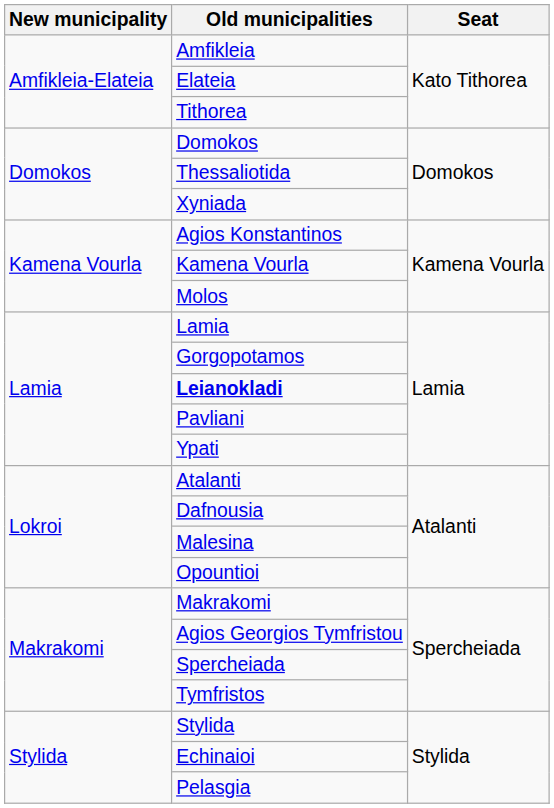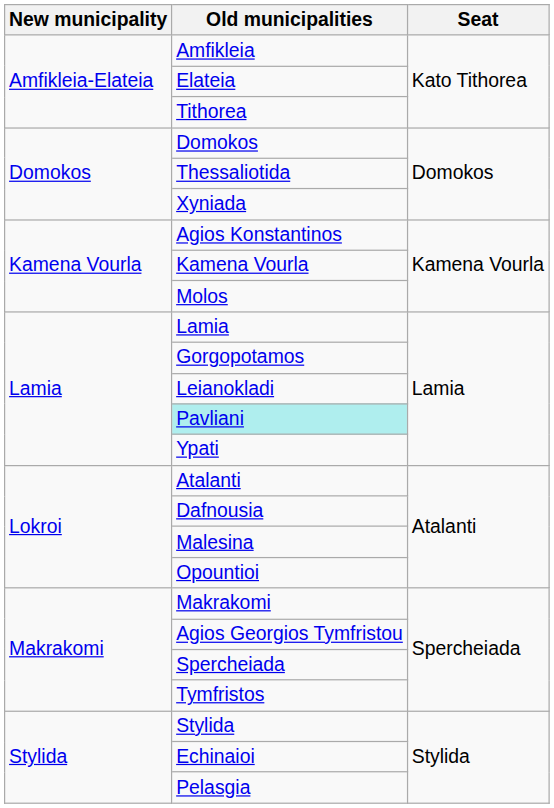 <table class="wikitable">
 <tr>
 <th>New municipality</th>
 <th>Old municipalities</th>
 <th>Seat</th>
 </tr>
 <tr>
 <td rowspan=3><a href='#'>Amfikleia-Elateia</a></td>
 <td><a href='#'>Amfikleia</a></td>
 <td rowspan=3>Kato Tithorea</td>
 </tr>
 <tr>
 <td><a href='#'>Elateia</a></td>
 </tr>
 <tr>
 <td><a href='#'>Tithorea</a></td>
 </tr>
 <tr>
 <td rowspan=3><a href='#'>Domokos</a></td>
 <td><a href='#'>Domokos</a></td>
 <td rowspan=3>Domokos</td>
 </tr>
 <tr>
 <td><a href='#'>Thessaliotida</a></td>
 </tr>
 <tr>
 <td><a href='#'>Xyniada</a></td>
 </tr>
 <tr>
 <td rowspan=3><a href='#'>Kamena Vourla</a></td>
 <td><a href='#'>Agios Konstantinos</a></td>
 <td rowspan=3>Kamena Vourla</td>
 </tr>
 <tr>
 <td><a href='#'>Kamena Vourla</a></td>
 </tr>
 <tr>
 <td><a href='#'>Molos</a></td>
 </tr>
 <tr>
 <td rowspan=5><a href='#'>Lamia</a></td>
 <td><a href='#'>Lamia</a></td>
 <td rowspan=5>Lamia</td>
 </tr>
 <tr>
 <td><a href='#'>Gorgopotamos</a></td>
 </tr>
 <tr>
-<td><strong><a href='#'>Leianokladi</a></strong></td>
+<td><a href='#'>Leianokladi</a></td>
 </tr>
 <tr>
-<td><a href='#'>Pavliani</a></td>
+<td style="background: paleturquoise;"><a href='#'>Pavliani</a></td>
 </tr>
 <tr>
 <td><a href='#'>Ypati</a></td>
 </tr>
 <tr>
 <td rowspan=4><a href='#'>Lokroi</a></td>
 <td><a href='#'>Atalanti</a></td>
 <td rowspan=4>Atalanti</td>
 </tr>
 <tr>
 <td><a href='#'>Dafnousia</a></td>
 </tr>
 <tr>
 <td><a href='#'>Malesina</a></td>
 </tr>
 <tr>
 <td><a href='#'>Opountioi</a></td>
 </tr>
 <tr>
 <td rowspan=4><a href='#'>Makrakomi</a></td>
 <td><a href='#'>Makrakomi</a></td>
 <td rowspan=4>Spercheiada</td>
 </tr>
 <tr>
 <td><a href='#'>Agios Georgios Tymfristou</a></td>
 </tr>
 <tr>
 <td><a href='#'>Spercheiada</a></td>
 </tr>
 <tr>
 <td><a href='#'>Tymfristos</a></td>
 </tr>
 <tr>
 <td rowspan=3><a href='#'>Stylida</a></td>
 <td><a href='#'>Stylida</a></td>
 <td rowspan=3>Stylida</td>
 </tr>
 <tr>
 <td><a href='#'>Echinaioi</a></td>
 </tr>
 <tr>
 <td><a href='#'>Pelasgia</a></td>
 </tr>
 </table>
